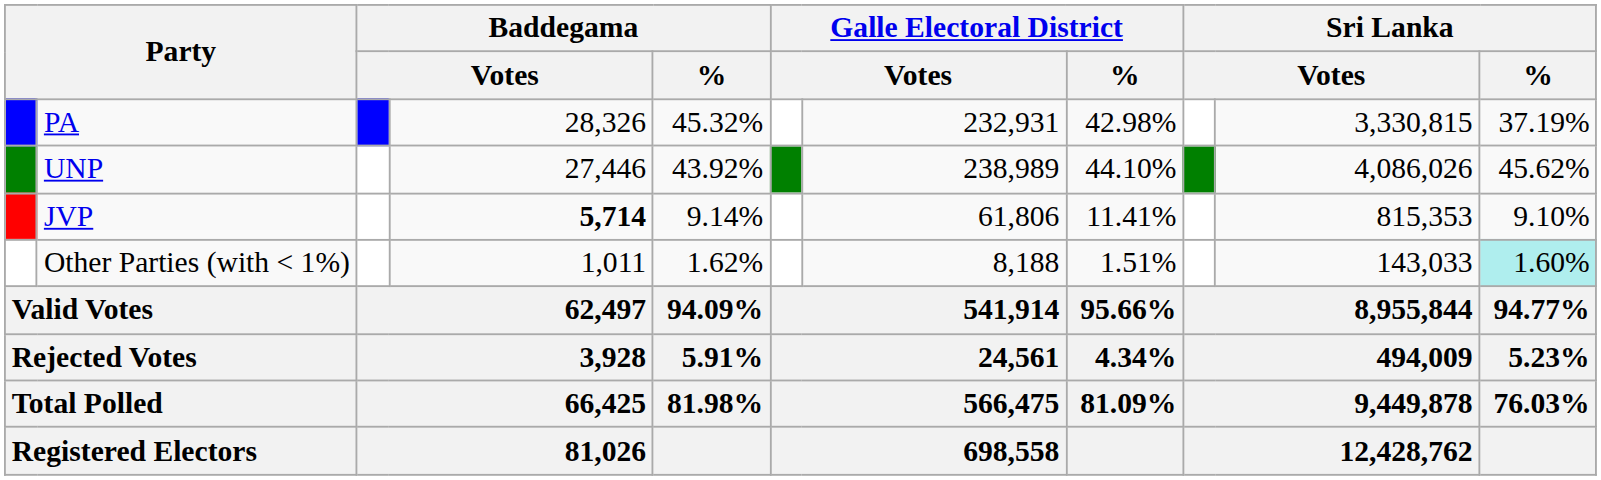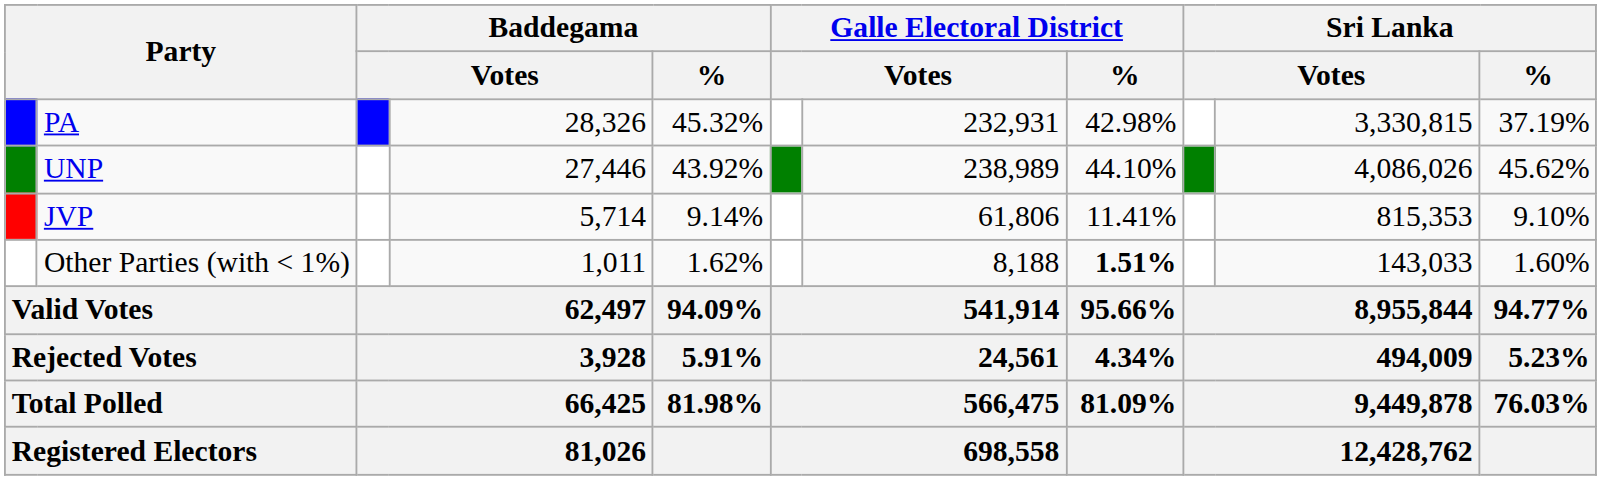 <table class="wikitable">
 <tr>
 <th colspan="2" width="144px"rowspan="2">Party</th>
 <th colspan="3" width="216px">Baddegama</th>
 <th colspan="3" width="216px"><a href='#'>Galle Electoral District</a></th>
 <th colspan="3" width="216px">Sri Lanka</th>
 </tr>
 <tr>
 <th colspan="2" width="144px">Votes</th>
 <th>%</th>
 <th colspan="2" width="144px">Votes</th>
 <th>%</th>
 <th colspan="2" width="144px">Votes</th>
 <th>%</th>
 </tr>
 <tr>
 <td style="background-color:blue;" width="10px"></td>
 <td style="text-align:left;"><a href='#'>PA</a></td>
 <td style="background-color:blue;" width="10px"></td>
 <td style="text-align:right;">28,326</td>
 <td style="text-align:right;">45.32%</td>
 <td style="background-color:white;" width="10px"></td>
 <td style="text-align:right;">232,931</td>
 <td style="text-align:right;">42.98%</td>
 <td style="background-color:white;" width="10px"></td>
 <td style="text-align:right;">3,330,815</td>
 <td style="text-align:right;">37.19%</td>
 </tr>
 <tr>
 <td style="background-color:green;" width="10px"></td>
 <td style="text-align:left;"><a href='#'>UNP</a></td>
 <td style="background-color:white;" width="10px"></td>
 <td style="text-align:right;">27,446</td>
 <td style="text-align:right;">43.92%</td>
 <td style="background-color:green;" width="10px"></td>
 <td style="text-align:right;">238,989</td>
 <td style="text-align:right;">44.10%</td>
 <td style="background-color:green;" width="10px"></td>
 <td style="text-align:right;">4,086,026</td>
 <td style="text-align:right;">45.62%</td>
 </tr>
 <tr>
 <td style="background-color:red;" width="10px"></td>
 <td style="text-align:left;"><a href='#'>JVP</a></td>
 <td style="background-color:white;" width="10px"></td>
-<td style="text-align:right;"><strong>5,714</strong></td>
+<td style="text-align:right;">5,714</td>
 <td style="text-align:right;">9.14%</td>
 <td style="background-color:white;" width="10px"></td>
 <td style="text-align:right;">61,806</td>
 <td style="text-align:right;">11.41%</td>
 <td style="background-color:white;" width="10px"></td>
 <td style="text-align:right;">815,353</td>
 <td style="text-align:right;">9.10%</td>
 </tr>
 <tr>
 <td style="background-color:white;" width="10px"></td>
 <td style="text-align:left;">Other Parties (with < 1%)</td>
 <td style="background-color:white;" width="10px"></td>
 <td style="text-align:right;">1,011</td>
 <td style="text-align:right;">1.62%</td>
 <td style="background-color:white;" width="10px"></td>
 <td style="text-align:right;">8,188</td>
-<td style="text-align:right;">1.51%</td>
+<td style="text-align:right;"><strong>1.51%</strong></td>
 <td style="background-color:white;" width="10px"></td>
 <td style="text-align:right;">143,033</td>
-<td style="background: paleturquoise; text-align:right;">1.60%</td>
+<td style="text-align:right;">1.60%</td>
 </tr>
 <tr>
 <th colspan="2" width="144px"style="text-align:left;">Valid Votes</th>
 <th style="text-align:right;"colspan="2" width="144px">62,497</th>
 <th style="text-align:right;">94.09%</th>
 <th style="text-align:right;"colspan="2" width="144px">541,914</th>
 <th style="text-align:right;">95.66%</th>
 <th style="text-align:right;"colspan="2" width="144px">8,955,844</th>
 <th style="text-align:right;">94.77%</th>
 </tr>
 <tr>
 <th colspan="2" width="144px"style="text-align:left;">Rejected Votes</th>
 <th style="text-align:right;"colspan="2" width="144px">3,928</th>
 <th style="text-align:right;">5.91%</th>
 <th style="text-align:right;"colspan="2" width="144px">24,561</th>
 <th style="text-align:right;">4.34%</th>
 <th style="text-align:right;"colspan="2" width="144px">494,009</th>
 <th style="text-align:right;">5.23%</th>
 </tr>
 <tr>
 <th colspan="2" width="144px"style="text-align:left;">Total Polled</th>
 <th style="text-align:right;"colspan="2" width="144px">66,425</th>
 <th style="text-align:right;">81.98%</th>
 <th style="text-align:right;"colspan="2" width="144px">566,475</th>
 <th style="text-align:right;">81.09%</th>
 <th style="text-align:right;"colspan="2" width="144px">9,449,878</th>
 <th style="text-align:right;">76.03%</th>
 </tr>
 <tr>
 <th colspan="2" width="144px"style="text-align:left;">Registered Electors</th>
 <th style="text-align:right;"colspan="2" width="144px">81,026</th>
 <th></th>
 <th style="text-align:right;"colspan="2" width="144px">698,558</th>
 <th></th>
 <th style="text-align:right;"colspan="2" width="144px">12,428,762</th>
 <th></th>
 </tr>
 </table>
